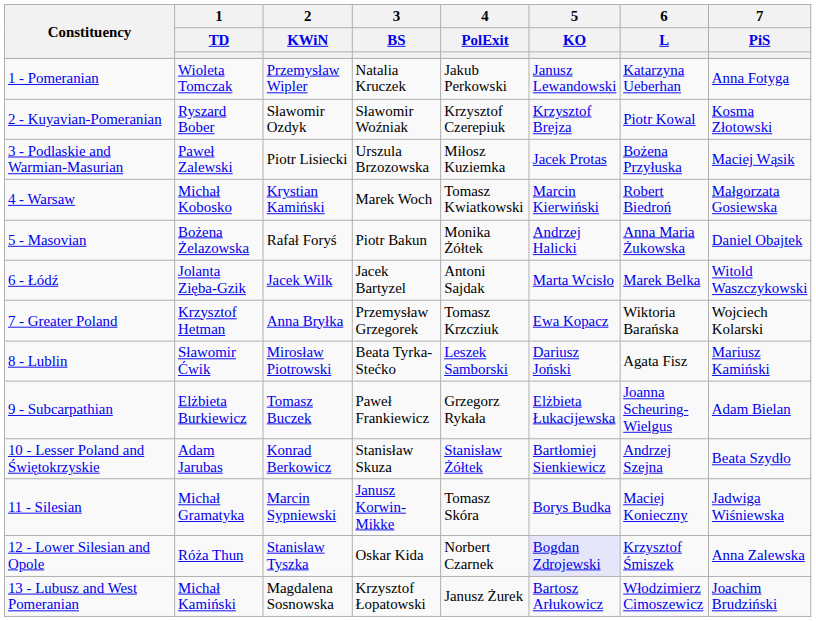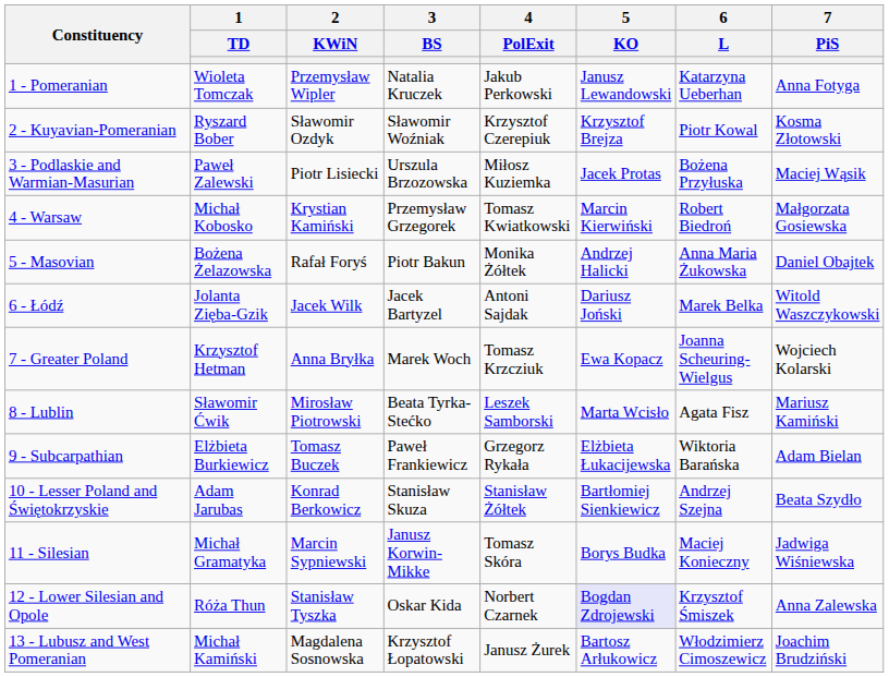 <table class="wikitable" font-size:90%>
 <tr>
 <th rowspan="3">Constituency</th>
 <th>1</th>
 <th>2</th>
 <th>3</th>
 <th>4</th>
 <th>5</th>
 <th>6</th>
 <th>7</th>
 </tr>
 <tr>
 <th width="11%"><a href='#'>TD</a></th>
 <th width="11%"><a href='#'>KWiN</a></th>
 <th width="11%"><a href='#'>BS</a></th>
 <th width="11%"><a href='#'>PolExit</a></th>
 <th width="11%"><a href='#'>KO</a></th>
 <th width="11%"><a href='#'>L</a></th>
 <th width="11%"><a href='#'>PiS</a></th>
 </tr>
 <tr>
 <th style="background:"></th>
 <th style="background:"></th>
 <th style="background:"></th>
 <th style="background:"></th>
 <th style="background:"></th>
 <th style="background:"></th>
 <th style="background:"></th>
 </tr>
 <tr>
 <td><a href='#'>1 - Pomeranian</a></td>
 <td><a href='#'>Wioleta Tomczak</a></td>
 <td><a href='#'>Przemysław Wipler</a></td>
 <td>Natalia Kruczek</td>
 <td>Jakub Perkowski</td>
 <td><a href='#'>Janusz Lewandowski</a></td>
 <td><a href='#'>Katarzyna Ueberhan</a></td>
 <td><a href='#'>Anna Fotyga</a></td>
 </tr>
 <tr>
 <td><a href='#'>2 - Kuyavian-Pomeranian</a></td>
 <td><a href='#'>Ryszard Bober</a></td>
 <td>Sławomir Ozdyk</td>
 <td>Sławomir Woźniak</td>
 <td>Krzysztof Czerepiuk</td>
 <td><a href='#'>Krzysztof Brejza</a></td>
 <td><a href='#'>Piotr Kowal</a></td>
 <td><a href='#'>Kosma Złotowski</a></td>
 </tr>
 <tr>
 <td><a href='#'>3 - Podlaskie and Warmian-Masurian</a></td>
 <td><a href='#'>Paweł Zalewski</a></td>
 <td>Piotr Lisiecki</td>
 <td>Urszula Brzozowska</td>
 <td>Miłosz Kuziemka</td>
 <td><a href='#'>Jacek Protas</a></td>
 <td><a href='#'>Bożena Przyłuska</a></td>
 <td><a href='#'>Maciej Wąsik</a></td>
 </tr>
 <tr>
 <td><a href='#'>4 - Warsaw</a></td>
 <td><a href='#'>Michał Kobosko</a></td>
 <td><a href='#'>Krystian Kamiński</a></td>
-<td>Marek Woch</td>
+<td>Przemysław Grzegorek</td>
 <td>Tomasz Kwiatkowski</td>
 <td><a href='#'>Marcin Kierwiński</a></td>
 <td><a href='#'>Robert Biedroń</a></td>
 <td><a href='#'>Małgorzata Gosiewska</a></td>
 </tr>
 <tr>
 <td><a href='#'>5 - Masovian</a></td>
 <td><a href='#'>Bożena Żelazowska</a></td>
 <td>Rafał Foryś</td>
 <td>Piotr Bakun</td>
 <td>Monika Żółtek</td>
 <td><a href='#'>Andrzej Halicki</a></td>
 <td><a href='#'>Anna Maria Żukowska</a></td>
 <td><a href='#'>Daniel Obajtek</a></td>
 </tr>
 <tr>
 <td><a href='#'>6 - Łódź</a></td>
 <td><a href='#'>Jolanta Zięba-Gzik</a></td>
 <td><a href='#'>Jacek Wilk</a></td>
 <td>Jacek Bartyzel</td>
 <td>Antoni Sajdak</td>
-<td><a href='#'>Marta Wcisło</a></td>
+<td><a href='#'>Dariusz Joński</a></td>
 <td><a href='#'>Marek Belka</a></td>
 <td><a href='#'>Witold Waszczykowski</a></td>
 </tr>
 <tr>
 <td><a href='#'>7 - Greater Poland</a></td>
 <td><a href='#'>Krzysztof Hetman</a></td>
 <td><a href='#'>Anna Bryłka</a></td>
-<td>Przemysław Grzegorek</td>
+<td>Marek Woch</td>
 <td>Tomasz Krzcziuk</td>
 <td><a href='#'>Ewa Kopacz</a></td>
-<td>Wiktoria Barańska</td>
+<td><a href='#'>Joanna Scheuring-Wielgus</a></td>
 <td>Wojciech Kolarski</td>
 </tr>
 <tr>
 <td><a href='#'>8 - Lublin</a></td>
 <td><a href='#'>Sławomir Ćwik</a></td>
 <td><a href='#'>Mirosław Piotrowski</a></td>
 <td>Beata Tyrka-Stećko</td>
 <td><a href='#'>Leszek Samborski</a></td>
-<td><a href='#'>Dariusz Joński</a></td>
+<td><a href='#'>Marta Wcisło</a></td>
 <td>Agata Fisz</td>
 <td><a href='#'>Mariusz Kamiński</a></td>
 </tr>
 <tr>
 <td><a href='#'>9 - Subcarpathian</a></td>
 <td><a href='#'>Elżbieta Burkiewicz</a></td>
 <td><a href='#'>Tomasz Buczek</a></td>
 <td>Paweł Frankiewicz</td>
 <td>Grzegorz Rykała</td>
 <td><a href='#'>Elżbieta Łukacijewska</a></td>
-<td><a href='#'>Joanna Scheuring-Wielgus</a></td>
+<td>Wiktoria Barańska</td>
 <td><a href='#'>Adam Bielan</a></td>
 </tr>
 <tr>
 <td><a href='#'>10 - Lesser Poland and Świętokrzyskie</a></td>
 <td><a href='#'>Adam Jarubas</a></td>
 <td><a href='#'>Konrad Berkowicz</a></td>
 <td>Stanisław Skuza</td>
 <td><a href='#'>Stanisław Żółtek</a></td>
 <td><a href='#'>Bartłomiej Sienkiewicz</a></td>
 <td><a href='#'>Andrzej Szejna</a></td>
 <td><a href='#'>Beata Szydło</a></td>
 </tr>
 <tr>
 <td><a href='#'>11 - Silesian</a></td>
 <td><a href='#'>Michał Gramatyka</a></td>
 <td><a href='#'>Marcin Sypniewski</a></td>
 <td><a href='#'>Janusz Korwin-Mikke</a></td>
 <td>Tomasz Skóra</td>
 <td><a href='#'>Borys Budka</a></td>
 <td><a href='#'>Maciej Konieczny</a></td>
 <td><a href='#'>Jadwiga Wiśniewska</a></td>
 </tr>
 <tr>
 <td><a href='#'>12 - Lower Silesian and Opole</a></td>
 <td><a href='#'>Róża Thun</a></td>
 <td><a href='#'>Stanisław Tyszka</a></td>
 <td>Oskar Kida</td>
 <td>Norbert Czarnek</td>
 <td style="background: lavender;"><a href='#'>Bogdan Zdrojewski</a></td>
 <td><a href='#'>Krzysztof Śmiszek</a></td>
 <td><a href='#'>Anna Zalewska</a></td>
 </tr>
 <tr>
 <td><a href='#'>13 - Lubusz and West Pomeranian</a></td>
 <td><a href='#'>Michał Kamiński</a></td>
 <td>Magdalena Sosnowska</td>
 <td>Krzysztof Łopatowski</td>
 <td>Janusz Żurek</td>
 <td><a href='#'>Bartosz Arłukowicz</a></td>
 <td><a href='#'>Włodzimierz Cimoszewicz</a></td>
 <td><a href='#'>Joachim Brudziński</a></td>
 </tr>
 </table>
